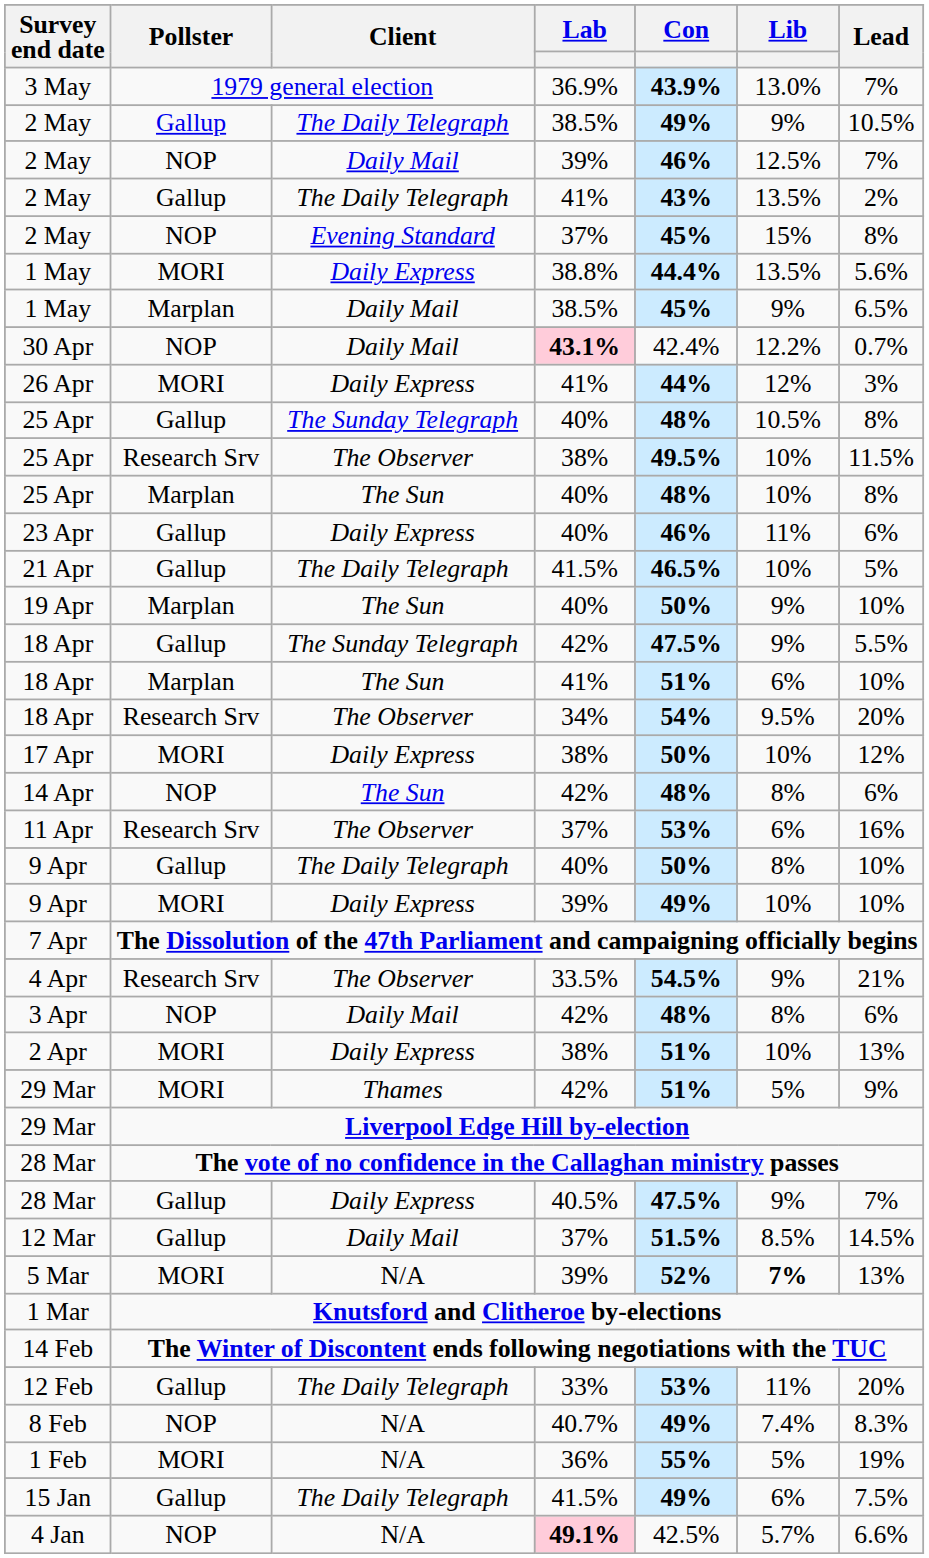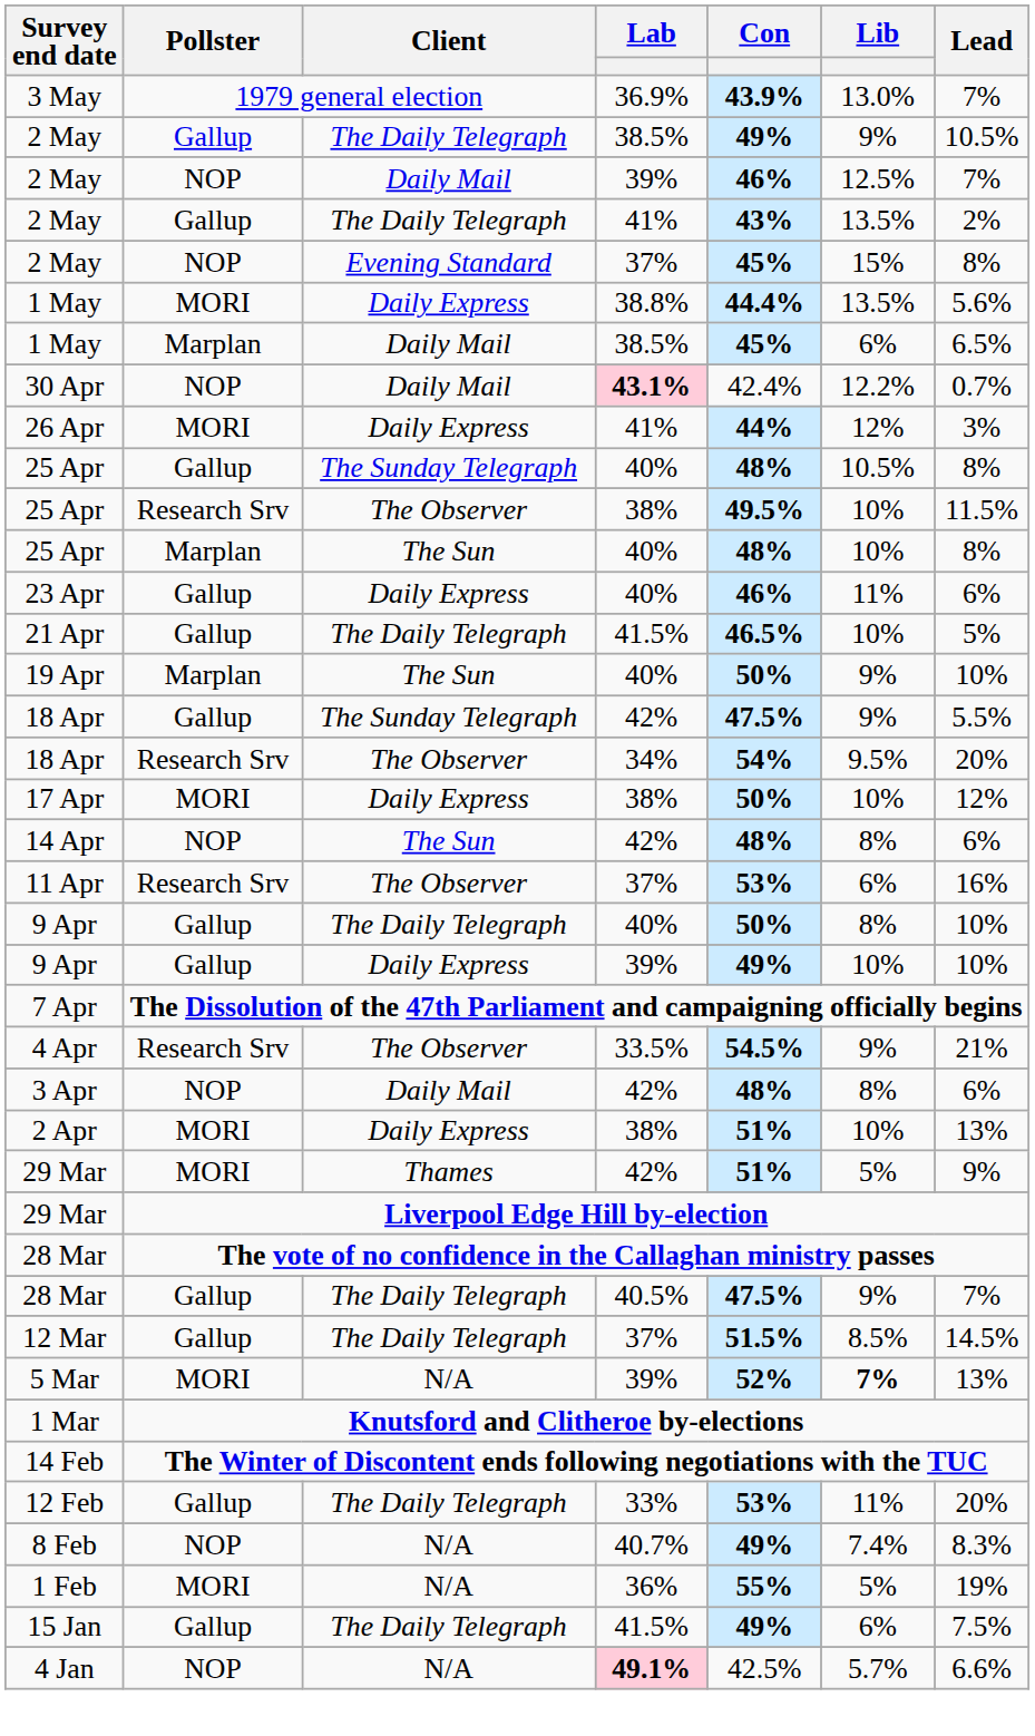 <table class="wikitable sortable mw-datatable" style="text-align:center;font-size:90%;line-height:14px;">
 <tr>
 <th rowspan="2">Survey<br>end date</th>
 <th rowspan="2">Pollster</th>
 <th rowspan="2">Client</th>
 <th class="unsortable" style="width:50px;"><a href='#'>Lab</a></th>
 <th class="unsortable" style="width:50px;"><a href='#'>Con</a></th>
 <th class="unsortable" style="width:50px;"><a href='#'>Lib</a></th>
 <th rowspan="2">Lead</th>
 </tr>
 <tr>
 <th style="background:"></th>
 <th style="background:"></th>
 <th style="background:"></th>
 </tr>
 <tr>
 <td>3 May</td>
 <td colspan="2"><a href='#'>1979 general election</a></td>
 <td>36.9%</td>
 <td style="background:#CCEBFF;"><strong>43.9%</strong></td>
 <td>13.0%</td>
 <td style="background:">7%</td>
 </tr>
 <tr>
 <td>2 May</td>
 <td><a href='#'>Gallup</a></td>
 <td><em><a href='#'>The Daily Telegraph</a></em></td>
 <td>38.5%</td>
 <td style="background:#CCEBFF;"><strong>49%</strong></td>
 <td>9%</td>
 <td style="background:">10.5%</td>
 </tr>
 <tr>
 <td>2 May</td>
 <td>NOP</td>
 <td><em><a href='#'>Daily Mail</a></em></td>
 <td>39%</td>
 <td style="background:#CCEBFF;"><strong>46%</strong></td>
 <td>12.5%</td>
 <td style="background:">7%</td>
 </tr>
 <tr>
 <td>2 May</td>
 <td>Gallup</td>
 <td><em>The Daily Telegraph</em></td>
 <td>41%</td>
 <td style="background:#CCEBFF;"><strong>43%</strong></td>
 <td>13.5%</td>
 <td style="background:">2%</td>
 </tr>
 <tr>
 <td>2 May</td>
 <td>NOP</td>
 <td><em><a href='#'>Evening Standard</a></em></td>
 <td>37%</td>
 <td style="background:#CCEBFF;"><strong>45%</strong></td>
 <td>15%</td>
 <td style="background:">8%</td>
 </tr>
 <tr>
 <td>1 May</td>
 <td>MORI</td>
 <td><em><a href='#'>Daily Express</a></em></td>
 <td>38.8%</td>
 <td style="background:#CCEBFF;"><strong>44.4%</strong></td>
 <td>13.5%</td>
 <td style="background:">5.6%</td>
 </tr>
 <tr>
 <td>1 May</td>
 <td>Marplan</td>
 <td><em>Daily Mail</em></td>
 <td>38.5%</td>
 <td style="background:#CCEBFF;"><strong>45%</strong></td>
-<td>9%</td>
+<td>6%</td>
 <td style="background:">6.5%</td>
 </tr>
 <tr>
 <td>30 Apr</td>
 <td>NOP</td>
 <td><em>Daily Mail</em></td>
 <td style="background:#FFCCDA;"><strong>43.1%</strong></td>
 <td>42.4%</td>
 <td>12.2%</td>
 <td style="background:">0.7%</td>
 </tr>
 <tr>
 <td>26 Apr</td>
 <td>MORI</td>
 <td><em>Daily Express</em></td>
 <td>41%</td>
 <td style="background:#CCEBFF;"><strong>44%</strong></td>
 <td>12%</td>
 <td style="background:">3%</td>
 </tr>
 <tr>
 <td>25 Apr</td>
 <td>Gallup</td>
 <td><em><a href='#'>The Sunday Telegraph</a></em></td>
 <td>40%</td>
 <td style="background:#CCEBFF;"><strong>48%</strong></td>
 <td>10.5%</td>
 <td style="background:">8%</td>
 </tr>
 <tr>
 <td>25 Apr</td>
 <td>Research Srv</td>
 <td><em>The Observer</em></td>
 <td>38%</td>
 <td style="background:#CCEBFF;"><strong>49.5%</strong></td>
 <td>10%</td>
 <td style="background:">11.5%</td>
 </tr>
 <tr>
 <td>25 Apr</td>
 <td>Marplan</td>
 <td><em>The Sun</em></td>
 <td>40%</td>
 <td style="background:#CCEBFF;"><strong>48%</strong></td>
 <td>10%</td>
 <td style="background:">8%</td>
 </tr>
 <tr>
 <td>23 Apr</td>
 <td>Gallup</td>
 <td><em>Daily Express</em></td>
 <td>40%</td>
 <td style="background:#CCEBFF;"><strong>46%</strong></td>
 <td>11%</td>
 <td style="background:">6%</td>
 </tr>
 <tr>
 <td>21 Apr</td>
 <td>Gallup</td>
 <td><em>The Daily Telegraph</em></td>
 <td>41.5%</td>
 <td style="background:#CCEBFF;"><strong>46.5%</strong></td>
 <td>10%</td>
 <td style="background:">5%</td>
 </tr>
 <tr>
 <td>19 Apr</td>
 <td>Marplan</td>
 <td><em>The Sun</em></td>
 <td>40%</td>
 <td style="background:#CCEBFF;"><strong>50%</strong></td>
 <td>9%</td>
 <td style="background:">10%</td>
 </tr>
 <tr>
 <td>18 Apr</td>
 <td>Gallup</td>
 <td><em>The Sunday Telegraph</em></td>
 <td>42%</td>
 <td style="background:#CCEBFF;"><strong>47.5%</strong></td>
 <td>9%</td>
 <td style="background:">5.5%</td>
 </tr>
 <tr>
 <td>18 Apr</td>
-<td>Marplan</td>
-<td><em>The Sun</em></td>
-<td>41%</td>
-<td style="background:#CCEBFF;"><strong>51%</strong></td>
-<td>6%</td>
-<td style="background:">10%</td>
-</tr>
-<tr>
-<td>18 Apr</td>
 <td>Research Srv</td>
 <td><em>The Observer</em></td>
 <td>34%</td>
 <td style="background:#CCEBFF;"><strong>54%</strong></td>
 <td>9.5%</td>
 <td style="background:">20%</td>
 </tr>
 <tr>
 <td>17 Apr</td>
 <td>MORI</td>
 <td><em>Daily Express</em></td>
 <td>38%</td>
 <td style="background:#CCEBFF;"><strong>50%</strong></td>
 <td>10%</td>
 <td style="background:">12%</td>
 </tr>
 <tr>
 <td>14 Apr</td>
 <td>NOP</td>
 <td><em><a href='#'>The Sun</a></em></td>
 <td>42%</td>
 <td style="background:#CCEBFF;"><strong>48%</strong></td>
 <td>8%</td>
 <td style="background:">6%</td>
 </tr>
 <tr>
 <td>11 Apr</td>
 <td>Research Srv</td>
 <td><em>The Observer</em></td>
 <td>37%</td>
 <td style="background:#CCEBFF;"><strong>53%</strong></td>
 <td>6%</td>
 <td style="background:">16%</td>
 </tr>
 <tr>
 <td>9 Apr</td>
 <td>Gallup</td>
 <td><em>The Daily Telegraph</em></td>
 <td>40%</td>
 <td style="background:#CCEBFF;"><strong>50%</strong></td>
 <td>8%</td>
 <td style="background:">10%</td>
 </tr>
 <tr>
 <td>9 Apr</td>
-<td>MORI</td>
+<td>Gallup</td>
 <td><em>Daily Express</em></td>
 <td>39%</td>
 <td style="background:#CCEBFF;"><strong>49%</strong></td>
 <td>10%</td>
 <td style="background:">10%</td>
 </tr>
 <tr>
 <td>7 Apr</td>
 <td colspan="6"><strong>The <a href='#'>Dissolution</a> of the <a href='#'>47th Parliament</a> and campaigning officially begins</strong></td>
 </tr>
 <tr>
 <td>4 Apr</td>
 <td>Research Srv</td>
 <td><em>The Observer</em></td>
 <td>33.5%</td>
 <td style="background:#CCEBFF;"><strong>54.5%</strong></td>
 <td>9%</td>
 <td style="background:">21%</td>
 </tr>
 <tr>
 <td>3 Apr</td>
 <td>NOP</td>
 <td><em>Daily Mail</em></td>
 <td>42%</td>
 <td style="background:#CCEBFF;"><strong>48%</strong></td>
 <td>8%</td>
 <td style="background:">6%</td>
 </tr>
 <tr>
 <td>2 Apr</td>
 <td>MORI</td>
 <td><em>Daily Express</em></td>
 <td>38%</td>
 <td style="background:#CCEBFF;"><strong>51%</strong></td>
 <td>10%</td>
 <td style="background:">13%</td>
 </tr>
 <tr>
 <td>29 Mar</td>
 <td>MORI</td>
 <td><em>Thames</em></td>
 <td>42%</td>
 <td style="background:#CCEBFF;"><strong>51%</strong></td>
 <td>5%</td>
 <td style="background:">9%</td>
 </tr>
 <tr>
 <td>29 Mar</td>
 <td colspan="6"><strong><a href='#'>Liverpool Edge Hill by-election</a></strong></td>
 </tr>
 <tr>
 <td>28 Mar</td>
 <td colspan="6"><strong>The <a href='#'>vote of no confidence in the Callaghan ministry</a> passes</strong></td>
 </tr>
 <tr>
 <td>28 Mar</td>
 <td>Gallup</td>
-<td><em>Daily Express</em></td>
+<td><em>The Daily Telegraph</em></td>
 <td>40.5%</td>
 <td style="background:#CCEBFF;"><strong>47.5%</strong></td>
 <td>9%</td>
 <td style="background:">7%</td>
 </tr>
 <tr>
 <td>12 Mar</td>
 <td>Gallup</td>
-<td><em>Daily Mail</em></td>
+<td><em>The Daily Telegraph</em></td>
 <td>37%</td>
 <td style="background:#CCEBFF;"><strong>51.5%</strong></td>
 <td>8.5%</td>
 <td style="background:">14.5%</td>
 </tr>
 <tr>
 <td>5 Mar</td>
 <td>MORI</td>
 <td>N/A</td>
 <td>39%</td>
 <td style="background:#CCEBFF;"><strong>52%</strong></td>
 <td><strong>7%</strong></td>
 <td style="background:">13%</td>
 </tr>
 <tr>
 <td>1 Mar</td>
 <td colspan="6"><strong><a href='#'>Knutsford</a> and <a href='#'>Clitheroe</a> by-elections</strong></td>
 </tr>
 <tr>
 <td>14 Feb</td>
 <td colspan="6"><strong>The <a href='#'>Winter of Discontent</a> ends following negotiations with the <a href='#'>TUC</a></strong></td>
 </tr>
 <tr>
 <td>12 Feb</td>
 <td>Gallup</td>
 <td><em>The Daily Telegraph</em></td>
 <td>33%</td>
 <td style="background:#CCEBFF;"><strong>53%</strong></td>
 <td>11%</td>
 <td style="background:">20%</td>
 </tr>
 <tr>
 <td>8 Feb</td>
 <td>NOP</td>
 <td>N/A</td>
 <td>40.7%</td>
 <td style="background:#CCEBFF;"><strong>49%</strong></td>
 <td>7.4%</td>
 <td style="background:">8.3%</td>
 </tr>
 <tr>
 <td>1 Feb</td>
 <td>MORI</td>
 <td>N/A</td>
 <td>36%</td>
 <td style="background:#CCEBFF;"><strong>55%</strong></td>
 <td>5%</td>
 <td style="background:">19%</td>
 </tr>
 <tr>
 <td>15 Jan</td>
 <td>Gallup</td>
 <td><em>The Daily Telegraph</em></td>
 <td>41.5%</td>
 <td style="background:#CCEBFF;"><strong>49%</strong></td>
 <td>6%</td>
 <td style="background:">7.5%</td>
 </tr>
 <tr>
 <td>4 Jan</td>
 <td>NOP</td>
 <td>N/A</td>
 <td style="background:#FFCCDA;"><strong>49.1%</strong></td>
 <td>42.5%</td>
 <td>5.7%</td>
 <td style="background:">6.6%</td>
 </tr>
 </table>
